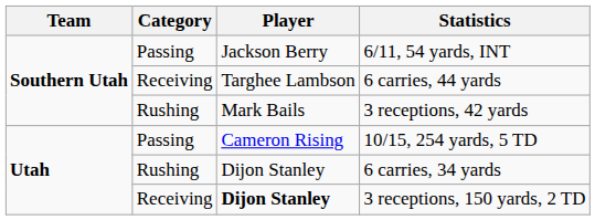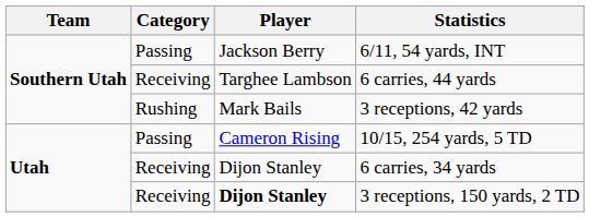 <table class="wikitable" style="float: right;">
 <tr>
 <th>Team</th>
 <th>Category</th>
 <th>Player</th>
 <th>Statistics</th>
 </tr>
 <tr>
 <td rowspan=3><strong>Southern Utah</strong></td>
 <td>Passing</td>
 <td>Jackson Berry</td>
 <td>6/11, 54 yards, INT</td>
 </tr>
 <tr>
 <td>Receiving</td>
 <td>Targhee Lambson</td>
 <td>6 carries, 44 yards</td>
 </tr>
 <tr>
 <td>Rushing</td>
 <td>Mark Bails</td>
 <td>3 receptions, 42 yards</td>
 </tr>
 <tr>
 <td rowspan=3><strong>Utah</strong></td>
 <td>Passing</td>
 <td><a href='#'>Cameron Rising</a></td>
 <td>10/15, 254 yards, 5 TD</td>
 </tr>
 <tr>
-<td>Rushing</td>
+<td>Receiving</td>
 <td>Dijon Stanley</td>
 <td>6 carries, 34 yards</td>
 </tr>
 <tr>
 <td>Receiving</td>
 <td><strong>Dijon Stanley</strong></td>
 <td>3 receptions, 150 yards, 2 TD</td>
 </tr>
 </table>
